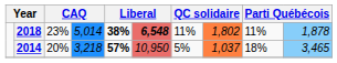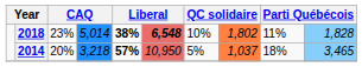 <table class="wikitable" style="width:400; font-size:90%; margin-left:1em;">
 <tr>
 <th colspan="2" scope="col">Year</th>
 <th colspan="2" scope="col"><a href='#'>CAQ</a></th>
 <th colspan="2" scope="col"><a href='#'>Liberal</a></th>
 <th colspan="2" scope="col"><a href='#'>QC solidaire</a></th>
 <th colspan="2" scope="col"><a href='#'>Parti Québécois</a></th>
 </tr>
 <tr>
 <td rowspan="2" style="width: 0.25em; background-color: "></td>
 <th><a href='#'>2018</a></th>
 <td>23%</td>
 <td style="text-align:right; background:#1E90FF;"><em>5,014</em></td>
 <td><strong>38%</strong></td>
 <td style="text-align:right; background:#EA6D6A;"><strong><em>6,548</em></strong></td>
-<td>11%</td>
+<td>10%</td>
 <td style="text-align:right; background:#FF8040;"><em>1,802</em></td>
 <td>11%</td>
-<td style="text-align:right; background:#87CEFA;"><em>1,878</em></td>
+<td style="text-align:right; background:#87CEFA;"><em>1,828</em></td>
 </tr>
 <tr>
 <th><a href='#'>2014</a></th>
 <td>20%</td>
 <td style="text-align:right; background:#1E90FF;"><em>3,218</em></td>
 <td><strong>57%</strong></td>
 <td style="text-align:right; background:#EA6D6A;"><em>10,950</em></td>
 <td>5%</td>
 <td style="text-align:right; background:#FF8040;"><em>1,037</em></td>
 <td>18%</td>
 <td style="text-align:right; background:#87CEFA;"><em>3,465</em></td>
 </tr>
 <tr>
 </tr>
 </table>
